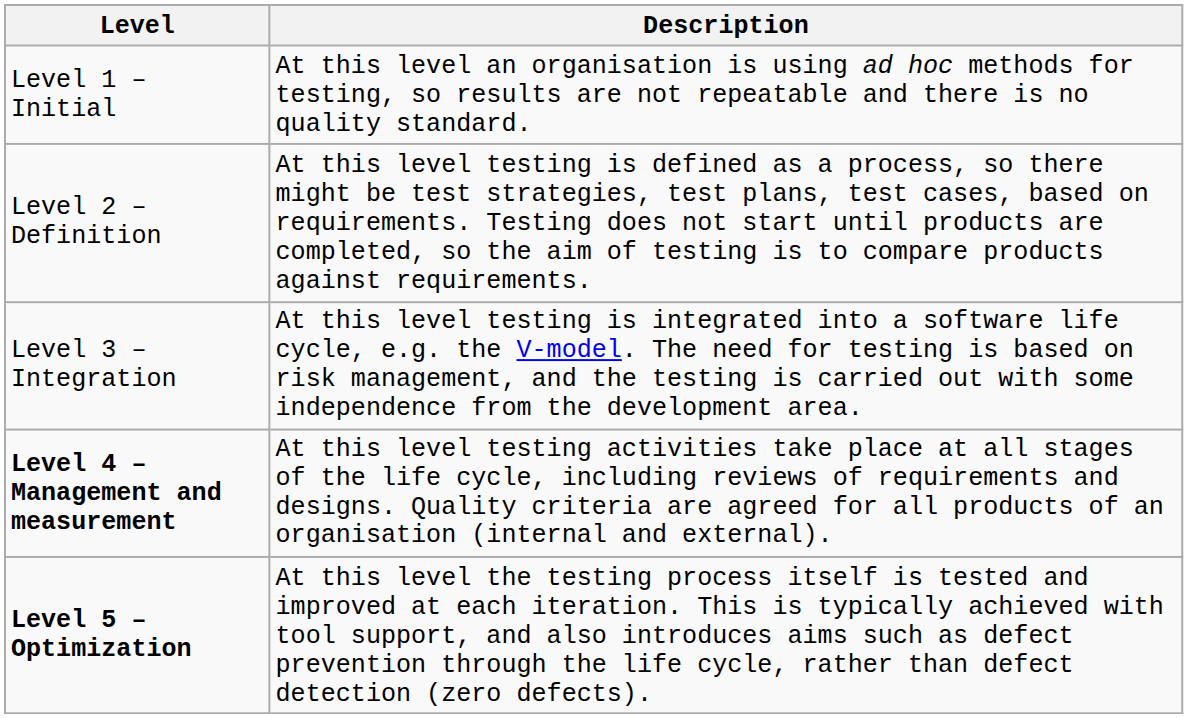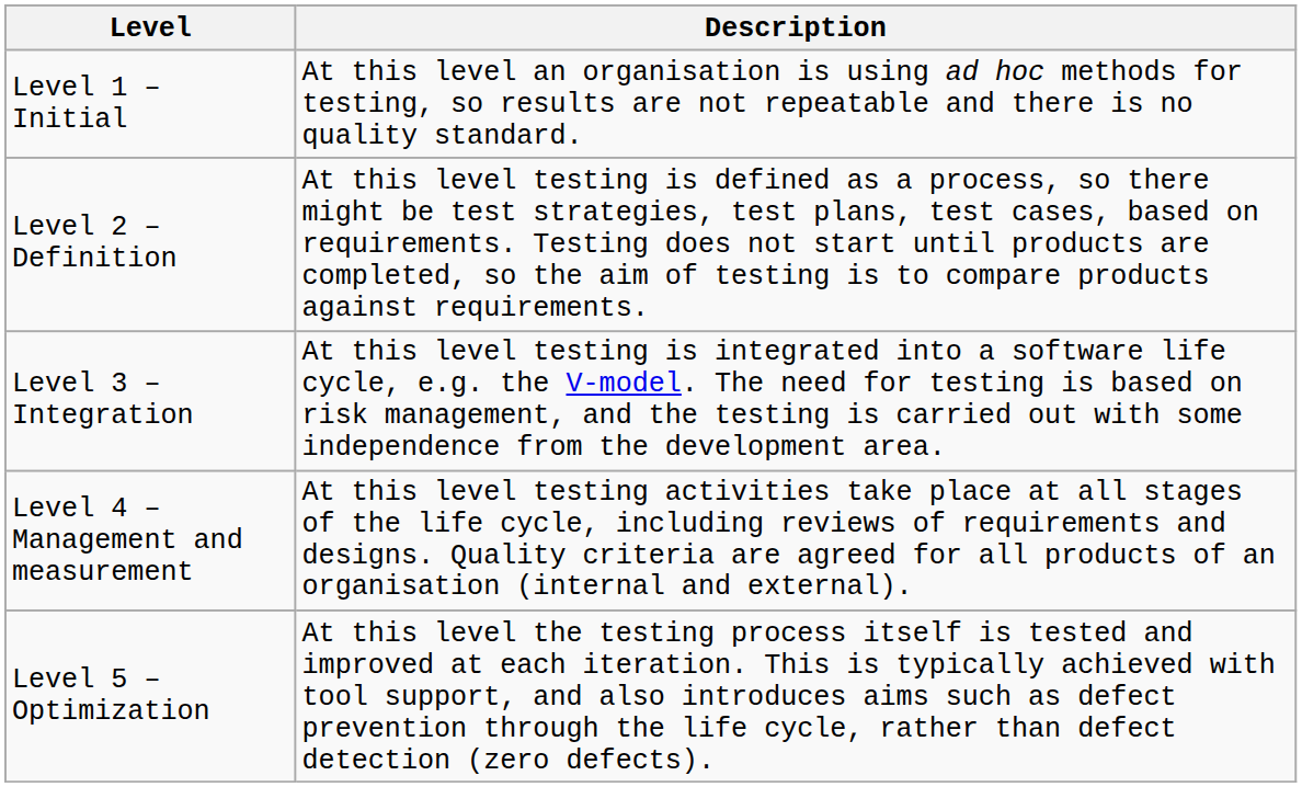 <table class="wikitable">
 <tr>
 <th>Level</th>
 <th>Description</th>
 </tr>
 <tr>
 <td>Level 1 – Initial</td>
 <td>At this level an organisation is using <em>ad hoc</em> methods for testing, so results are not repeatable and there is no quality standard.</td>
 </tr>
 <tr>
 <td>Level 2 – Definition</td>
 <td>At this level testing is defined as a process, so there might be test strategies, test plans, test cases, based on requirements. Testing does not start until products are completed, so the aim of testing is to compare products against requirements.</td>
 </tr>
 <tr>
 <td>Level 3 – Integration</td>
 <td>At this level testing is integrated into a software life cycle, e.g. the <a href='#'>V-model</a>. The need for testing is based on risk management, and the testing is carried out with some independence from the development area.</td>
 </tr>
 <tr>
-<td><strong>Level 4 – Management and measurement</strong></td>
+<td>Level 4 – Management and measurement</td>
 <td>At this level testing activities take place at all stages of the life cycle, including reviews of requirements and designs. Quality criteria are agreed for all products of an organisation (internal and external).</td>
 </tr>
 <tr>
-<td><strong>Level 5 – Optimization</strong></td>
+<td>Level 5 – Optimization</td>
 <td>At this level the testing process itself is tested and improved at each iteration. This is typically achieved with tool support, and also introduces aims such as defect prevention through the life cycle, rather than defect detection (zero defects).</td>
 </tr>
 </table>
